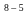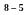 <table style="text-align:center">
 <tr>
 <th width=200></th>
 <th width=100></th>
 <th width=200></th>
 </tr>
 <tr>
 <td align=right><strong></strong></td>
-<td>8 – 5</td>
+<td><strong>8 – 5</strong></td>
 <td align=left></td>
 </tr>
 </table>
